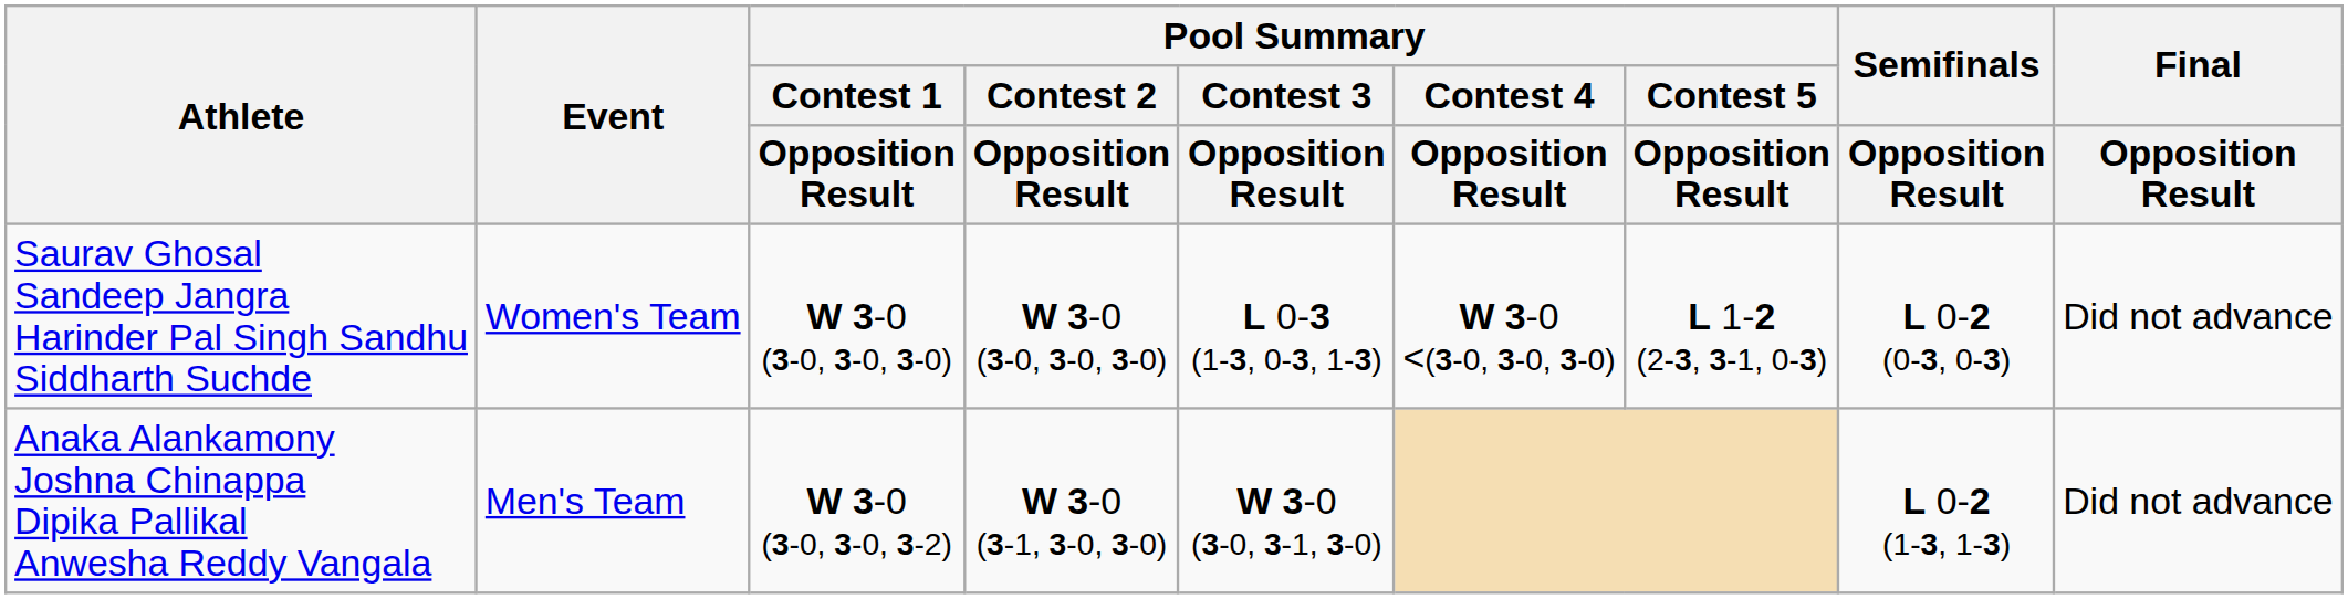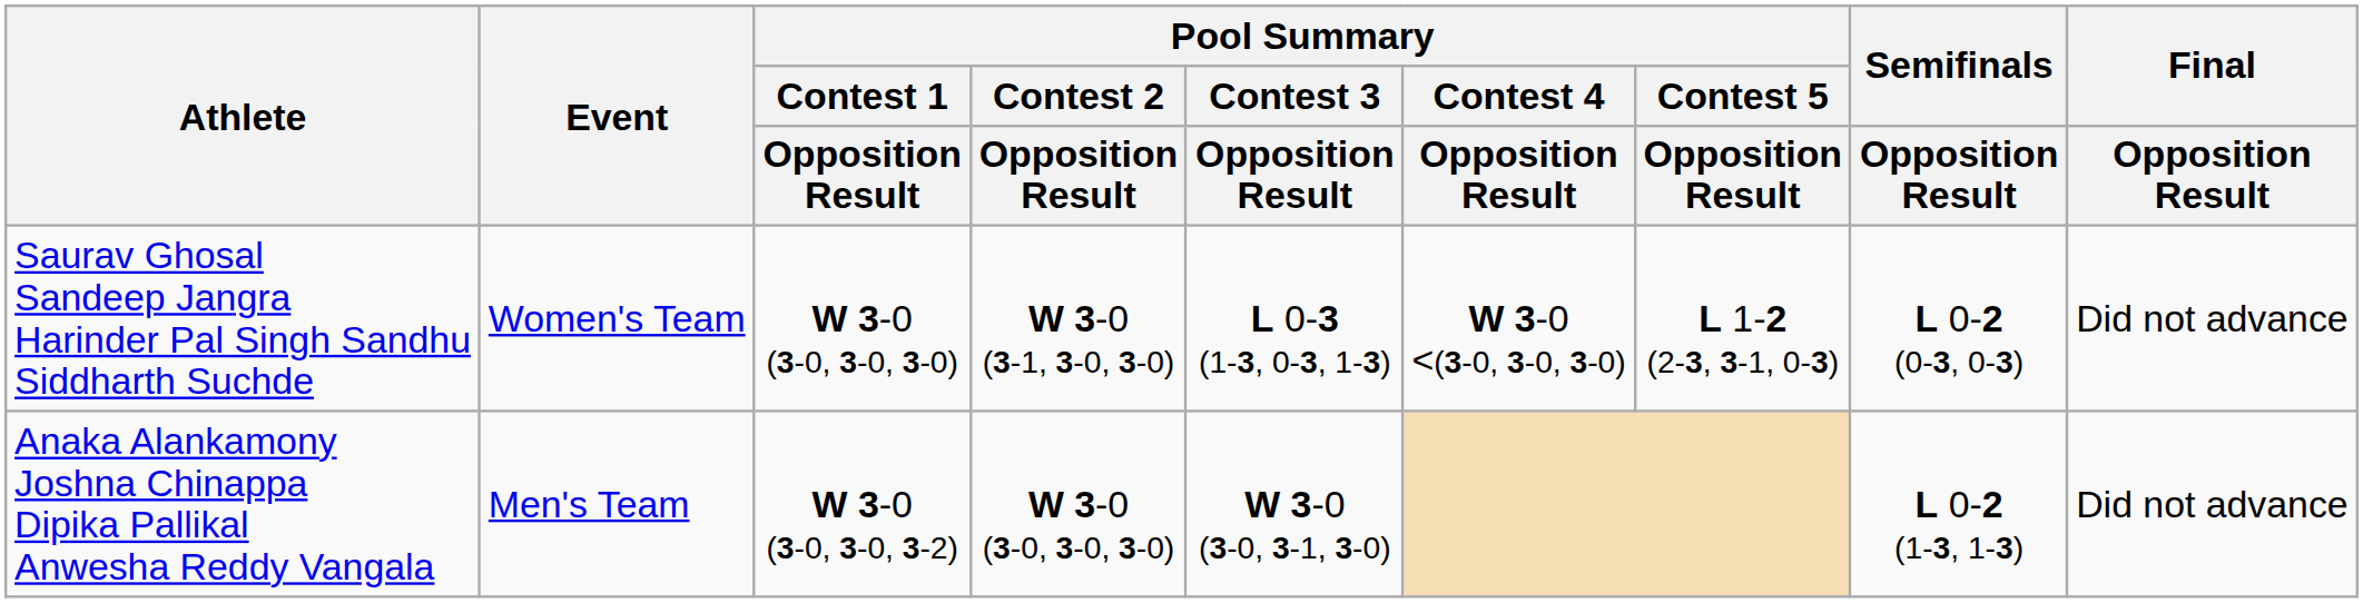 <table class="wikitable" border="1" style="font-size:90%">
 <tr>
 <th rowspan=3>Athlete</th>
 <th rowspan=3>Event</th>
 <th colspan=5>Pool Summary</th>
 <th rowspan=2>Semifinals</th>
 <th rowspan=2>Final</th>
 </tr>
 <tr>
 <th>Contest 1</th>
 <th>Contest 2</th>
 <th>Contest 3</th>
 <th>Contest 4</th>
 <th>Contest 5</th>
 </tr>
 <tr>
 <th>Opposition<br>Result</th>
 <th>Opposition<br>Result</th>
 <th>Opposition<br>Result</th>
 <th>Opposition<br>Result</th>
 <th>Opposition<br>Result</th>
 <th>Opposition<br>Result</th>
 <th>Opposition<br>Result</th>
 </tr>
 <tr>
 <td><a href='#'>Saurav Ghosal</a><br><a href='#'>Sandeep Jangra</a><br><a href='#'>Harinder Pal Singh Sandhu</a><br><a href='#'>Siddharth Suchde</a></td>
 <td><a href='#'>Women's Team</a></td>
 <td align=center><br><strong>W</strong> <strong>3</strong>-0<br><small>(<strong>3</strong>-0, <strong>3</strong>-0, <strong>3</strong>-0)</small></td>
-<td align=center><br><strong>W</strong> <strong>3</strong>-0<br><small>(<strong>3</strong>-0, <strong>3</strong>-0, <strong>3</strong>-0)</small></td>
+<td align=center><br><strong>W</strong> <strong>3</strong>-0<br><small>(<strong>3</strong>-1, <strong>3</strong>-0, <strong>3</strong>-0)</small></td>
 <td align=center><br><strong>L</strong> 0-<strong>3</strong><br><small>(1-<strong>3</strong>, 0-<strong>3</strong>, 1-<strong>3</strong>)</small></td>
 <td align=center><br><strong>W</strong> <strong>3</strong>-0<br><<small>(<strong>3</strong>-0, <strong>3</strong>-0, <strong>3</strong>-0)</small></td>
 <td align=center><br><strong>L</strong> 1-<strong>2</strong><br><small>(2-<strong>3</strong>, <strong>3</strong>-1, 0-<strong>3</strong>)</small></td>
 <td align=center><br><strong>L</strong> 0-<strong>2</strong><br><small>(0-<strong>3</strong>, 0-<strong>3</strong>)</small><br></td>
 <td align=center colspan="7">Did not advance</td>
 </tr>
 <tr>
 <td><a href='#'>Anaka Alankamony</a><br><a href='#'>Joshna Chinappa</a><br><a href='#'>Dipika Pallikal</a><br><a href='#'>Anwesha Reddy Vangala</a></td>
 <td><a href='#'>Men's Team</a></td>
 <td align=center><br><strong>W</strong> <strong>3</strong>-0<br><small>(<strong>3</strong>-0, <strong>3</strong>-0, <strong>3</strong>-2)</small></td>
-<td align=center><br><strong>W</strong> <strong>3</strong>-0<br><small>(<strong>3</strong>-1, <strong>3</strong>-0, <strong>3</strong>-0)</small></td>
+<td align=center><br><strong>W</strong> <strong>3</strong>-0<br><small>(<strong>3</strong>-0, <strong>3</strong>-0, <strong>3</strong>-0)</small></td>
 <td align=center><br><strong>W</strong> <strong>3</strong>-0<br><small>(<strong>3</strong>-0, <strong>3</strong>-1, <strong>3</strong>-0)</small></td>
 <td align=center bgcolor=wheat colspan=2></td>
 <td align=center><br><strong>L</strong> 0-<strong>2</strong><br><small>(1-<strong>3</strong>, 1-<strong>3</strong>)</small><br></td>
 <td align=center colspan="7">Did not advance</td>
 </tr>
 </table>
